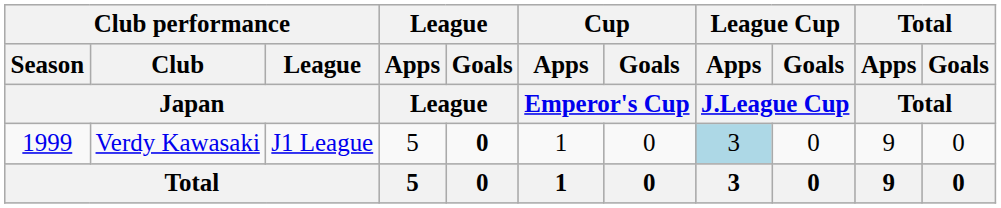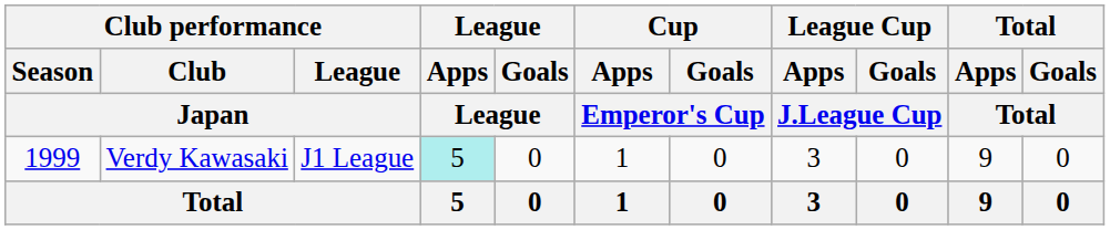 <table class="wikitable" style="text-align:center;">
 <tr>
 <th colspan=3>Club performance</th>
 <th colspan=2>League</th>
 <th colspan=2>Cup</th>
 <th colspan=2>League Cup</th>
 <th colspan=2>Total</th>
 </tr>
 <tr>
 <th>Season</th>
 <th>Club</th>
 <th>League</th>
 <th>Apps</th>
 <th>Goals</th>
 <th>Apps</th>
 <th>Goals</th>
 <th>Apps</th>
 <th>Goals</th>
 <th>Apps</th>
 <th>Goals</th>
 </tr>
 <tr>
 <th colspan=3>Japan</th>
 <th colspan=2>League</th>
 <th colspan=2><a href='#'>Emperor's Cup</a></th>
 <th colspan=2><a href='#'>J.League Cup</a></th>
 <th colspan=2>Total</th>
 </tr>
 <tr>
 <td><a href='#'>1999</a></td>
 <td><a href='#'>Verdy Kawasaki</a></td>
 <td><a href='#'>J1 League</a></td>
-<td>5</td>
-<td><strong>0</strong></td>
+<td style="background: paleturquoise;">5</td>
+<td>0</td>
 <td>1</td>
 <td>0</td>
-<td style="background: lightblue;">3</td>
+<td>3</td>
 <td>0</td>
 <td>9</td>
 <td>0</td>
 </tr>
 <tr>
 <th colspan=3>Total</th>
 <th>5</th>
 <th>0</th>
 <th>1</th>
 <th>0</th>
 <th>3</th>
 <th>0</th>
 <th>9</th>
 <th>0</th>
 </tr>
 </table>
